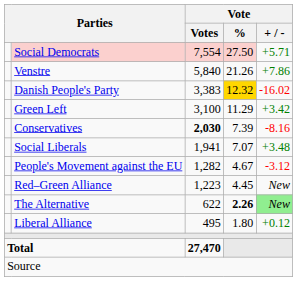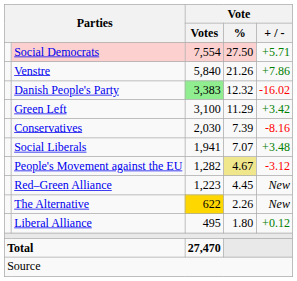 <table class="wikitable" style="text-align:right;">
 <tr>
 <th style="text-align:centre;" rowspan="2" colspan="2" width="225">Parties</th>
 <th colspan="3">Vote</th>
 </tr>
 <tr>
 <th width="15">Votes</th>
 <th width="15">%</th>
 <th width="15">+ / -</th>
 </tr>
 <tr>
 <td width="2" style="color:inherit;background:"></td>
 <td bgcolor=#fbd0ce   align="left"><a href='#'>Social Democrats</a></td>
 <td bgcolor=#fbd0ce>7,554</td>
 <td bgcolor=#fbd0ce>27.50</td>
 <td style=color:green;>+5.71</td>
 </tr>
 <tr>
 <td width="2" style="color:inherit;background:"></td>
 <td align="left"><a href='#'>Venstre</a></td>
 <td>5,840</td>
 <td>21.26</td>
 <td style=color:green;>+7.86</td>
 </tr>
 <tr>
 <td width="2" style="color:inherit;background:"></td>
 <td align="left"><a href='#'>Danish People's Party</a></td>
-<td>3,383</td>
-<td style="background: gold;">12.32</td>
+<td style="background: lightgreen;">3,383</td>
+<td>12.32</td>
 <td style=color:red;>-16.02</td>
 </tr>
 <tr>
 <td width="2" style="color:inherit;background:"></td>
 <td align="left"><a href='#'>Green Left</a></td>
 <td>3,100</td>
 <td>11.29</td>
 <td style=color:green;>+3.42</td>
 </tr>
 <tr>
 <td width="2" style="color:inherit;background:"></td>
 <td align="left"><a href='#'>Conservatives</a></td>
-<td><strong>2,030</strong></td>
+<td>2,030</td>
 <td>7.39</td>
 <td style=color:red;>-8.16</td>
 </tr>
 <tr>
 <td width="2" style="color:inherit;background:"></td>
 <td align="left"><a href='#'>Social Liberals</a></td>
 <td>1,941</td>
 <td>7.07</td>
 <td style=color:green;>+3.48</td>
 </tr>
 <tr>
 <td width="2" style="color:inherit;background:"></td>
 <td align="left"><a href='#'>People's Movement against the EU</a></td>
 <td>1,282</td>
-<td>4.67</td>
+<td style="background: khaki;">4.67</td>
 <td style=color:red;>-3.12</td>
 </tr>
 <tr>
 <td width="2" style="color:inherit;background:"></td>
 <td align="left"><a href='#'>Red–Green Alliance</a></td>
 <td>1,223</td>
 <td>4.45</td>
 <td><em>New</em></td>
 </tr>
 <tr>
 <td width="2" style="color:inherit;background:"></td>
 <td align="left"><a href='#'>The Alternative</a></td>
-<td>622</td>
-<td><strong>2.26</strong></td>
-<td style="background: lightgreen;"><em>New</em></td>
+<td style="background: gold;">622</td>
+<td>2.26</td>
+<td><em>New</em></td>
 </tr>
 <tr>
 <td width="2" style="color:inherit;background:"></td>
 <td align="left"><a href='#'>Liberal Alliance</a></td>
 <td>495</td>
 <td>1.80</td>
 <td style=color:green;>+0.12</td>
 </tr>
 <tr>
 <td colspan="7" bgcolor="#E9E9E9"></td>
 </tr>
 <tr>
 <td align="left" colspan="2"><strong>Total</strong></td>
 <td><strong>27,470</strong></td>
 <td bgcolor="#E9E9E9" colspan="2"></td>
 </tr>
 <tr>
 <td align="left" colspan="6">Source</td>
 </tr>
 </table>
